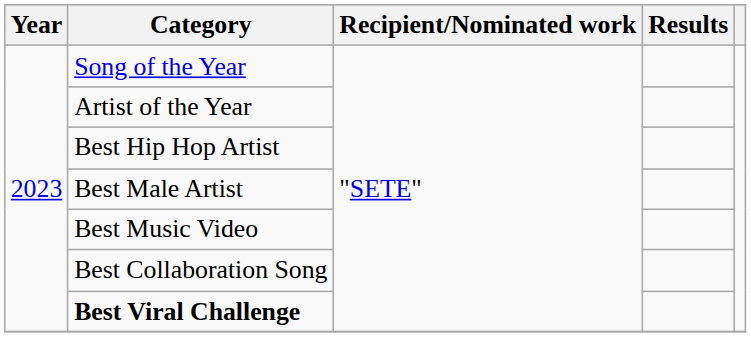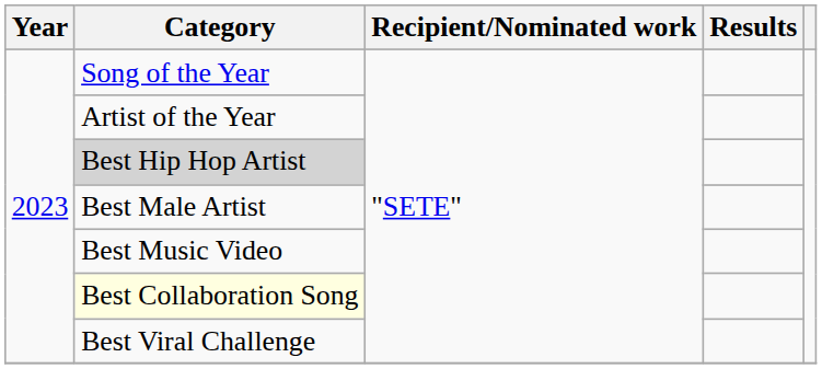 <table class="wikitable">
 <tr>
 <th>Year</th>
 <th>Category</th>
 <th>Recipient/Nominated work</th>
 <th>Results</th>
 <th></th>
 </tr>
 <tr>
 <td rowspan="7"><a href='#'>2023</a></td>
 <td><a href='#'>Song of the Year</a></td>
 <td rowspan="7"><div>"<a href='#'>SETE</a>"</div></td>
 <td></td>
 <td rowspan="7"></td>
 </tr>
 <tr>
 <td>Artist of the Year</td>
 <td></td>
 </tr>
 <tr>
-<td>Best Hip Hop Artist</td>
+<td style="background: lightgrey;">Best Hip Hop Artist</td>
 <td></td>
 </tr>
 <tr>
 <td>Best Male Artist</td>
 <td></td>
 </tr>
 <tr>
 <td>Best Music Video</td>
 <td></td>
 </tr>
 <tr>
-<td>Best Collaboration Song</td>
+<td style="background: lightyellow;">Best Collaboration Song</td>
 <td></td>
 </tr>
 <tr>
-<td><strong>Best Viral Challenge</strong></td>
+<td>Best Viral Challenge</td>
 <td> </td>
 </tr>
 <tr>
 </tr>
 </table>
